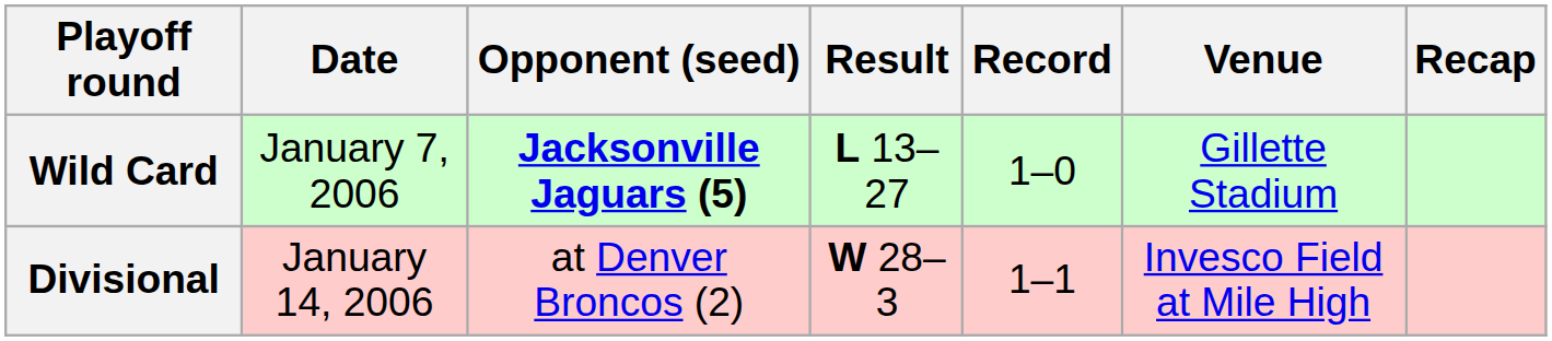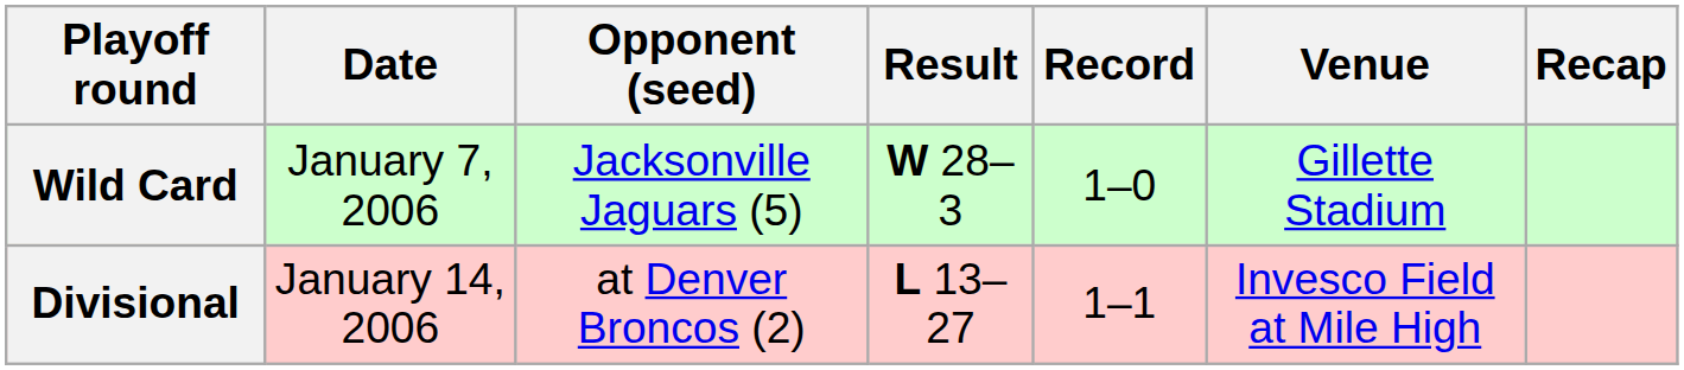 <table class="wikitable" style="text-align:center">
 <tr>
 <th>Playoff round</th>
 <th>Date</th>
 <th>Opponent (seed)</th>
 <th>Result</th>
 <th>Record</th>
 <th>Venue</th>
 <th>Recap</th>
 </tr>
 <tr style="background:#cfc;">
 <th>Wild Card</th>
 <td>January 7, 2006</td>
-<td><strong><a href='#'>Jacksonville Jaguars</a> (5)</strong></td>
-<td><strong>L</strong> 13–27</td>
+<td><a href='#'>Jacksonville Jaguars</a> (5)</td>
+<td><strong>W</strong> 28–3</td>
 <td style="text-align:center;">1–0</td>
 <td><a href='#'>Gillette Stadium</a></td>
 <td></td>
 </tr>
 <tr style="background:#fcc;">
 <th>Divisional</th>
 <td>January 14, 2006</td>
 <td>at <a href='#'>Denver Broncos</a> (2)</td>
-<td><strong>W</strong> 28–3</td>
+<td><strong>L</strong> 13–27</td>
 <td style="text-align:center;">1–1</td>
 <td><a href='#'>Invesco Field at Mile High</a></td>
 <td></td>
 </tr>
 </table>
